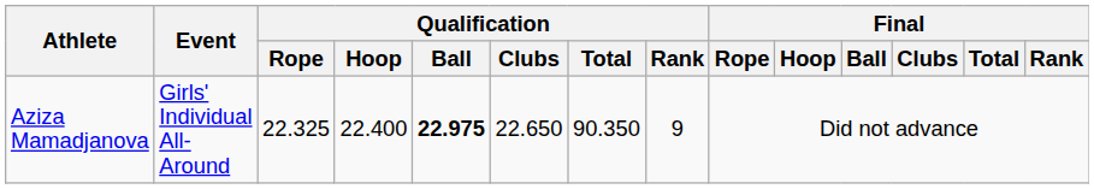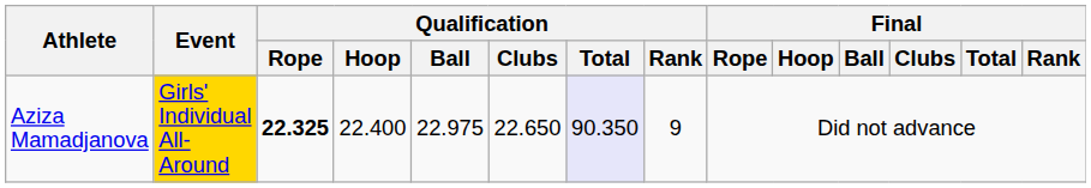 <table class="wikitable" border="1" style="font-size:90%">
 <tr>
 <th rowspan=2>Athlete</th>
 <th rowspan=2>Event</th>
 <th colspan=6>Qualification</th>
 <th colspan=6>Final</th>
 </tr>
 <tr>
 <th>Rope</th>
 <th>Hoop</th>
 <th>Ball</th>
 <th>Clubs</th>
 <th>Total</th>
 <th>Rank</th>
 <th>Rope</th>
 <th>Hoop</th>
 <th>Ball</th>
 <th>Clubs</th>
 <th>Total</th>
 <th>Rank</th>
 </tr>
 <tr>
 <td><a href='#'>Aziza Mamadjanova</a></td>
-<td><a href='#'>Girls' Individual All-Around</a></td>
-<td align=center>22.325</td>
+<td style="background: gold;"><a href='#'>Girls' Individual All-Around</a></td>
+<td align=center><strong>22.325</strong></td>
 <td align=center>22.400</td>
-<td align=center><strong>22.975</strong></td>
+<td align=center>22.975</td>
 <td align=center>22.650</td>
-<td align=center>90.350</td>
+<td align=center style="background: lavender;">90.350</td>
 <td align=center>9</td>
 <td align=center colspan=6>Did not advance</td>
 </tr>
 </table>
